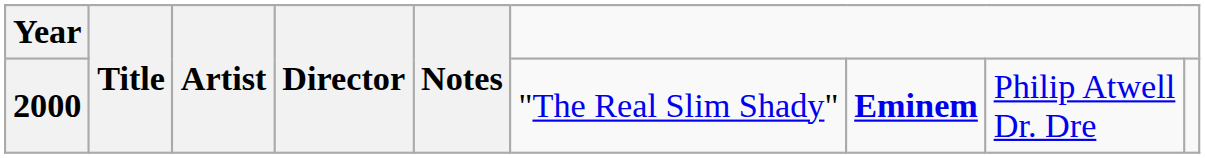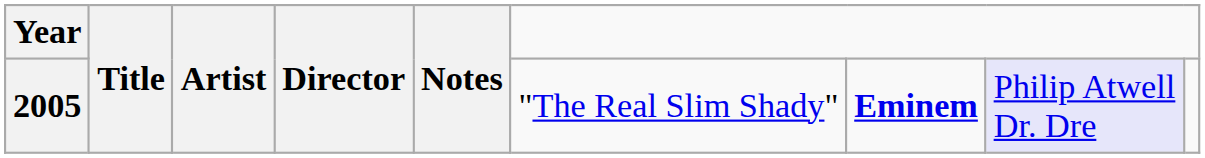 <table class="wikitable sortable plainrowheaders">
 <tr>
 <th scope="col">Year</th>
 <th rowspan="2" scope="col">Title</th>
 <th rowspan="2" scope="col">Artist</th>
 <th rowspan="2" scope="col">Director</th>
 <th rowspan="2" scope="col" class="unsortable">Notes</th>
 </tr>
 <tr>
-<th scope="row">2000</th>
+<th scope="row">2005</th>
 <td>"<a href='#'>The Real Slim Shady</a>"</td>
 <td><strong><a href='#'>Eminem</a></strong></td>
-<td><a href='#'>Philip Atwell</a><br><a href='#'>Dr. Dre</a></td>
+<td style="background: lavender;"><a href='#'>Philip Atwell</a><br><a href='#'>Dr. Dre</a></td>
 <td></td>
 </tr>
 </table>
